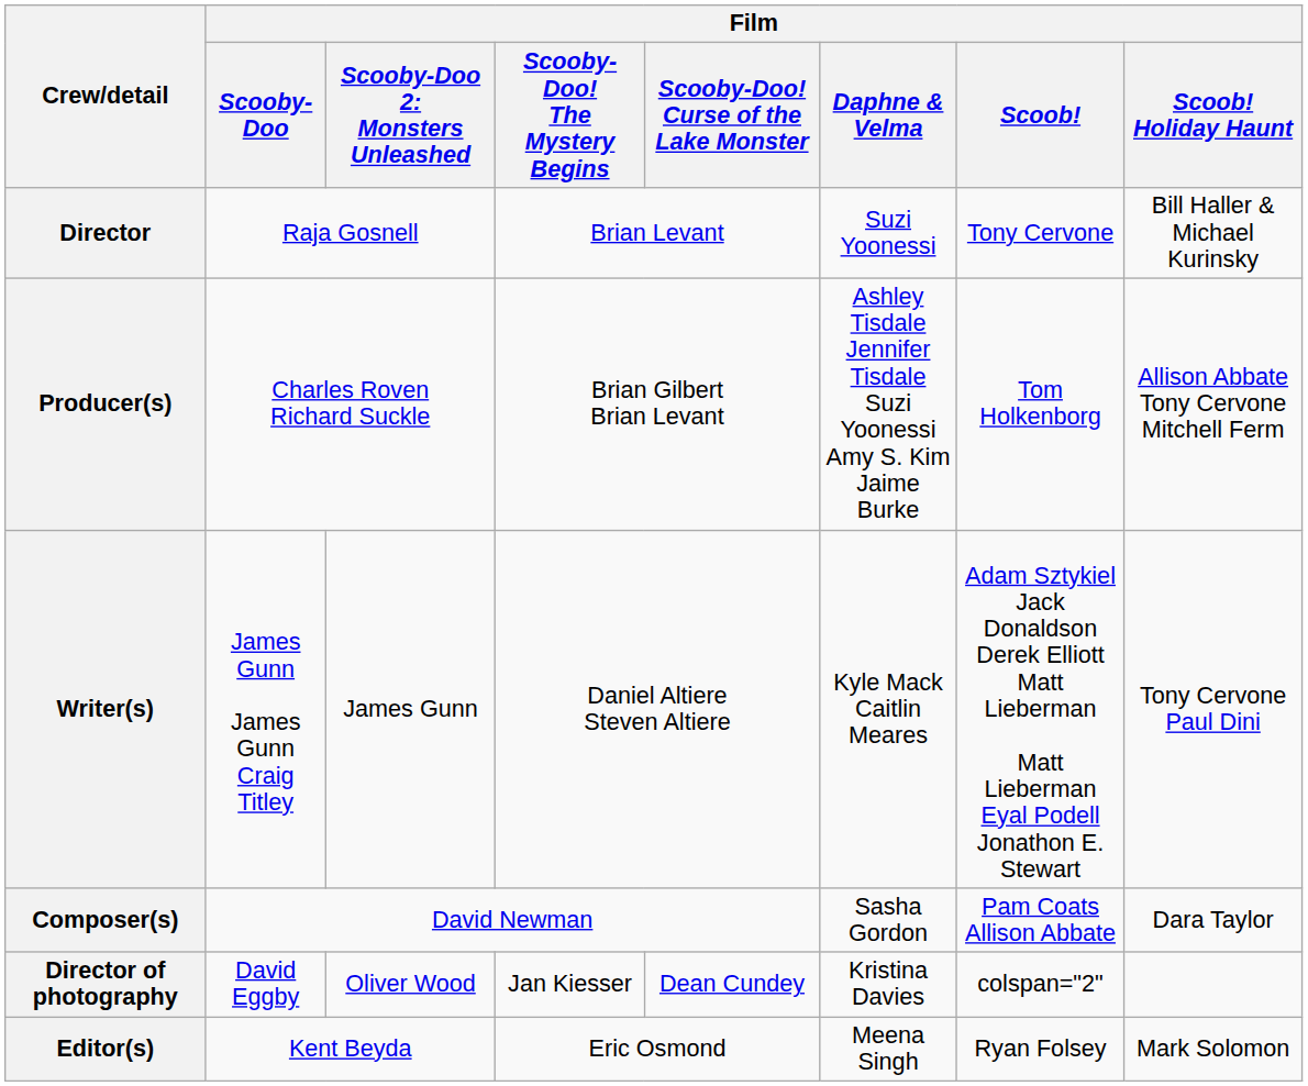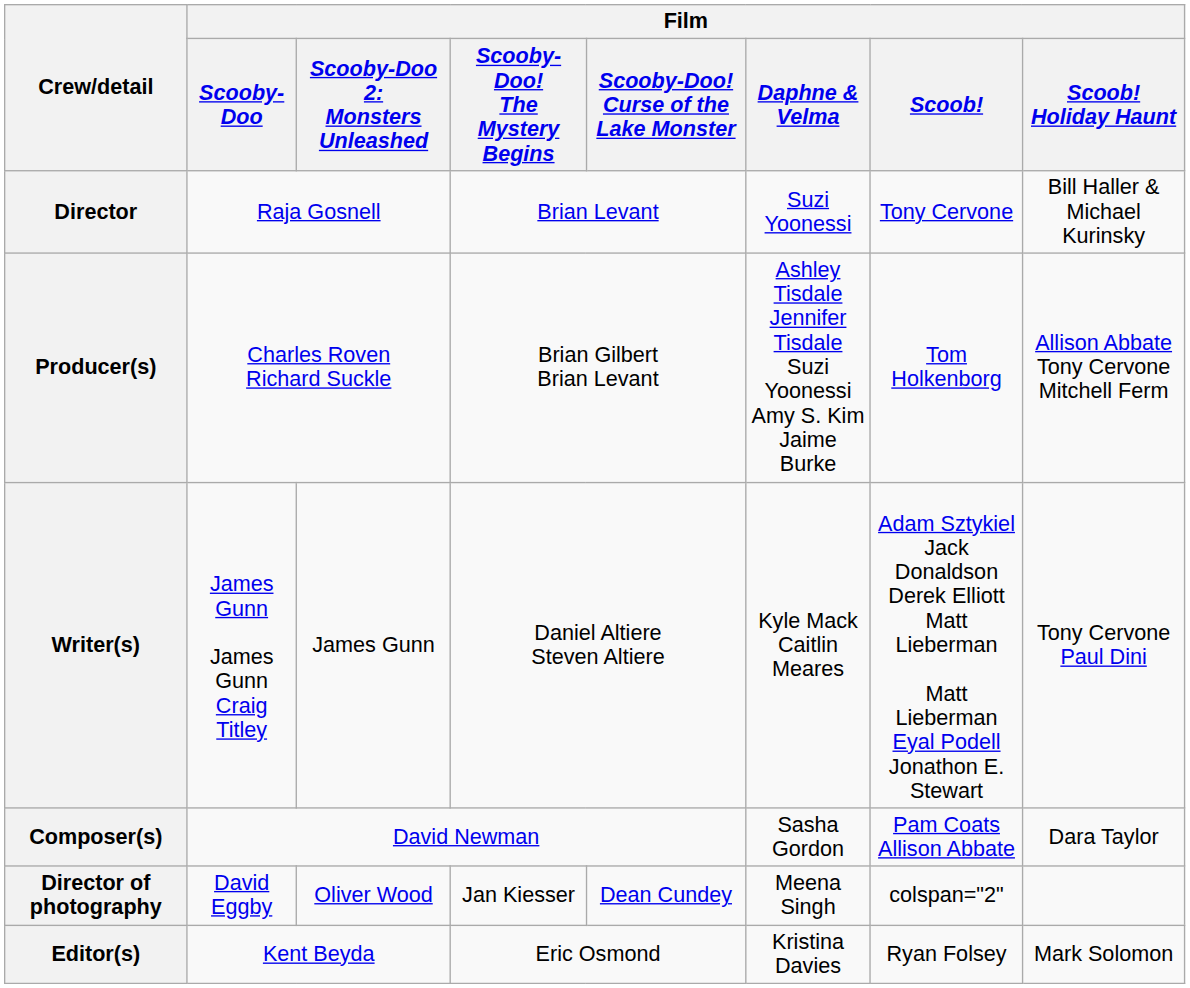 <table class="wikitable"  style="text-align:center; width:99%;">
 <tr>
 <th rowspan="2">Crew/detail</th>
 <th colspan="7">Film</th>
 </tr>
 <tr>
 <th><em><a href='#'>Scooby-Doo</a></em></th>
 <th><em><a href='#'>Scooby-Doo 2:<br>Monsters Unleashed</a></em></th>
 <th><em><a href='#'>Scooby-Doo!<br>The Mystery Begins</a></em></th>
 <th><em><a href='#'>Scooby-Doo!<br>Curse of the Lake Monster</a></em></th>
 <th><em><a href='#'>Daphne & Velma</a></em></th>
 <th><em><a href='#'>Scoob!</a></em></th>
 <th><em><a href='#'>Scoob!<br>Holiday Haunt</a></em></th>
 </tr>
 <tr>
 <th>Director</th>
 <td colspan="2"><a href='#'>Raja Gosnell</a></td>
 <td colspan="2"><a href='#'>Brian Levant</a></td>
 <td><a href='#'>Suzi Yoonessi</a></td>
 <td><a href='#'>Tony Cervone</a></td>
 <td>Bill Haller & Michael Kurinsky</td>
 </tr>
 <tr>
 <th>Producer(s)</th>
 <td colspan="2"><a href='#'>Charles Roven</a><br><a href='#'>Richard Suckle</a></td>
 <td colspan="2">Brian Gilbert<br>Brian Levant</td>
 <td><a href='#'>Ashley Tisdale</a><br><a href='#'>Jennifer Tisdale</a><br>Suzi Yoonessi<br>Amy S. Kim<br>Jaime Burke</td>
 <td><a href='#'>Tom Holkenborg</a></td>
 <td><a href='#'>Allison Abbate</a><br>Tony Cervone<br>Mitchell Ferm</td>
 </tr>
 <tr>
 <th>Writer(s)</th>
 <td><br><a href='#'>James Gunn</a><br><br>James Gunn<br><a href='#'>Craig Titley</a></td>
 <td>James Gunn</td>
 <td colspan="2">Daniel Altiere<br>Steven Altiere</td>
 <td>Kyle Mack<br>Caitlin Meares</td>
 <td><br><a href='#'>Adam Sztykiel</a><br>Jack Donaldson<br>Derek Elliott<br>Matt Lieberman<br><br>Matt Lieberman<br><a href='#'>Eyal Podell</a><br>Jonathon E. Stewart</td>
 <td>Tony Cervone<br><a href='#'>Paul Dini</a></td>
 </tr>
 <tr>
 <th>Composer(s)</th>
 <td colspan="4"><a href='#'>David Newman</a></td>
 <td>Sasha Gordon</td>
 <td><a href='#'>Pam Coats</a><br><a href='#'>Allison Abbate</a></td>
 <td>Dara Taylor</td>
 </tr>
 <tr>
 <th>Director of photography</th>
 <td><a href='#'>David Eggby</a></td>
 <td><a href='#'>Oliver Wood</a></td>
 <td>Jan Kiesser</td>
 <td><a href='#'>Dean Cundey</a></td>
-<td>Kristina Davies</td>
+<td>Meena Singh</td>
 <td>colspan="2" </td>
 </tr>
 <tr>
 <th>Editor(s)</th>
 <td colspan="2"><a href='#'>Kent Beyda</a></td>
 <td colspan="2">Eric Osmond</td>
-<td>Meena Singh</td>
+<td>Kristina Davies</td>
 <td>Ryan Folsey</td>
 <td>Mark Solomon</td>
 </tr>
 </table>
